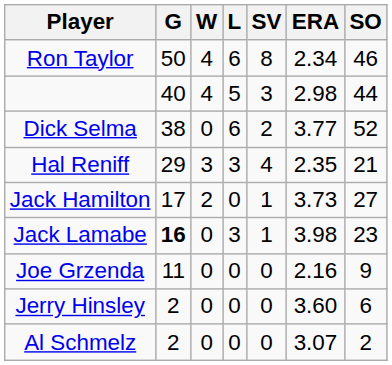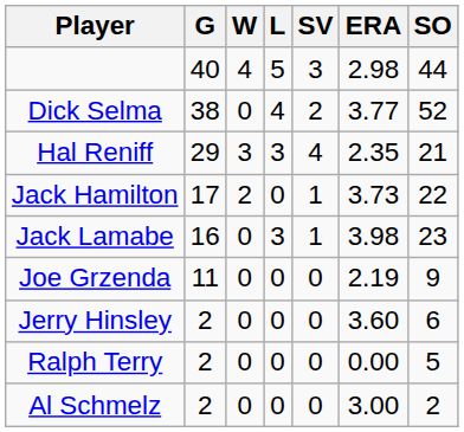 <table class="wikitable sortable">
 <tr>
 <th>Player</th>
 <th>G</th>
 <th>W</th>
 <th>L</th>
 <th>SV</th>
 <th>ERA</th>
 <th>SO</th>
-</tr>
-<tr align="center">
-<td><a href='#'>Ron Taylor</a></td>
-<td>50</td>
-<td>4</td>
-<td>6</td>
-<td>8</td>
-<td>2.34</td>
-<td>46</td>
 </tr>
 <tr align=center>
 <td></td>
 <td>40</td>
 <td>4</td>
 <td>5</td>
 <td>3</td>
 <td>2.98</td>
 <td>44</td>
 </tr>
 <tr align="center">
 <td><a href='#'>Dick Selma</a></td>
 <td>38</td>
 <td>0</td>
-<td>6</td>
+<td>4</td>
 <td>2</td>
 <td>3.77</td>
 <td>52</td>
 </tr>
 <tr align=center>
 <td><a href='#'>Hal Reniff</a></td>
 <td>29</td>
 <td>3</td>
 <td>3</td>
 <td>4</td>
 <td>2.35</td>
 <td>21</td>
 </tr>
 <tr align=center>
 <td><a href='#'>Jack Hamilton</a></td>
 <td>17</td>
 <td>2</td>
 <td>0</td>
 <td>1</td>
 <td>3.73</td>
-<td>27</td>
+<td>22</td>
 </tr>
 <tr align=center>
 <td><a href='#'>Jack Lamabe</a></td>
-<td><strong>16</strong></td>
+<td>16</td>
 <td>0</td>
 <td>3</td>
 <td>1</td>
 <td>3.98</td>
 <td>23</td>
 </tr>
 <tr align=center>
 <td><a href='#'>Joe Grzenda</a></td>
 <td>11</td>
 <td>0</td>
 <td>0</td>
 <td>0</td>
-<td>2.16</td>
+<td>2.19</td>
 <td>9</td>
 </tr>
 <tr align=center>
 <td><a href='#'>Jerry Hinsley</a></td>
 <td>2</td>
 <td>0</td>
 <td>0</td>
 <td>0</td>
 <td>3.60</td>
 <td>6</td>
 </tr>
 <tr align=center>
+<td><a href='#'>Ralph Terry</a></td>
+<td>2</td>
+<td>0</td>
+<td>0</td>
+<td>0</td>
+<td>0.00</td>
+<td>5</td>
+</tr>
+<tr align=center>
 <td><a href='#'>Al Schmelz</a></td>
 <td>2</td>
 <td>0</td>
 <td>0</td>
 <td>0</td>
-<td>3.07</td>
+<td>3.00</td>
 <td>2</td>
 </tr>
 </table>
